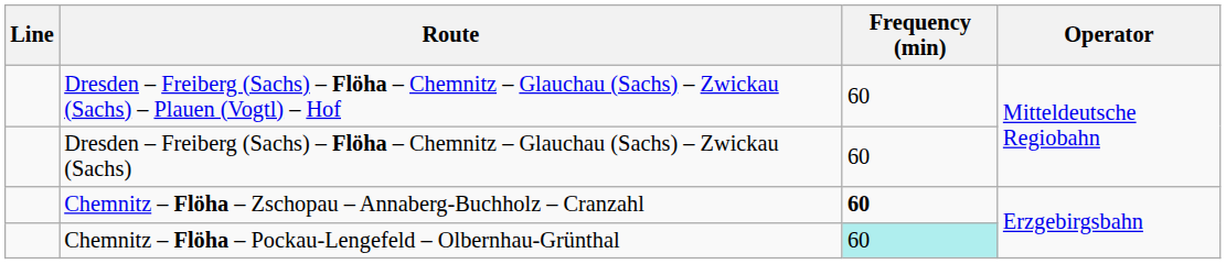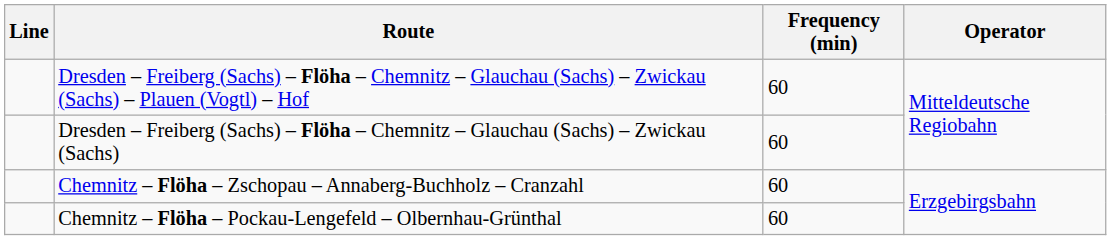 <table class="wikitable">
 <tr>
 <th>Line</th>
 <th>Route</th>
 <th>Frequency (min)</th>
 <th>Operator</th>
 </tr>
 <tr>
 <td align="center"></td>
 <td><a href='#'>Dresden</a> – <a href='#'>Freiberg (Sachs)</a> – <strong>Flöha</strong> – <a href='#'>Chemnitz</a> – <a href='#'>Glauchau (Sachs)</a> – <a href='#'>Zwickau (Sachs)</a> – <a href='#'>Plauen (Vogtl)</a> – <a href='#'>Hof</a></td>
 <td>60</td>
 <td rowspan=2><a href='#'>Mitteldeutsche Regiobahn</a></td>
 </tr>
 <tr>
 <td align="center"></td>
 <td>Dresden – Freiberg (Sachs) – <strong>Flöha</strong> – Chemnitz – Glauchau (Sachs) – Zwickau (Sachs)</td>
 <td>60</td>
 </tr>
 <tr>
 <td align="center"></td>
 <td><a href='#'>Chemnitz</a> – <strong>Flöha</strong> – Zschopau – Annaberg-Buchholz – Cranzahl</td>
-<td><strong>60</strong></td>
+<td>60</td>
 <td rowspan=2><a href='#'>Erzgebirgsbahn</a></td>
 </tr>
 <tr>
 <td align="center"></td>
 <td>Chemnitz – <strong>Flöha</strong> – Pockau-Lengefeld – Olbernhau-Grünthal</td>
-<td style="background: paleturquoise;">60</td>
+<td>60</td>
 </tr>
 </table>
